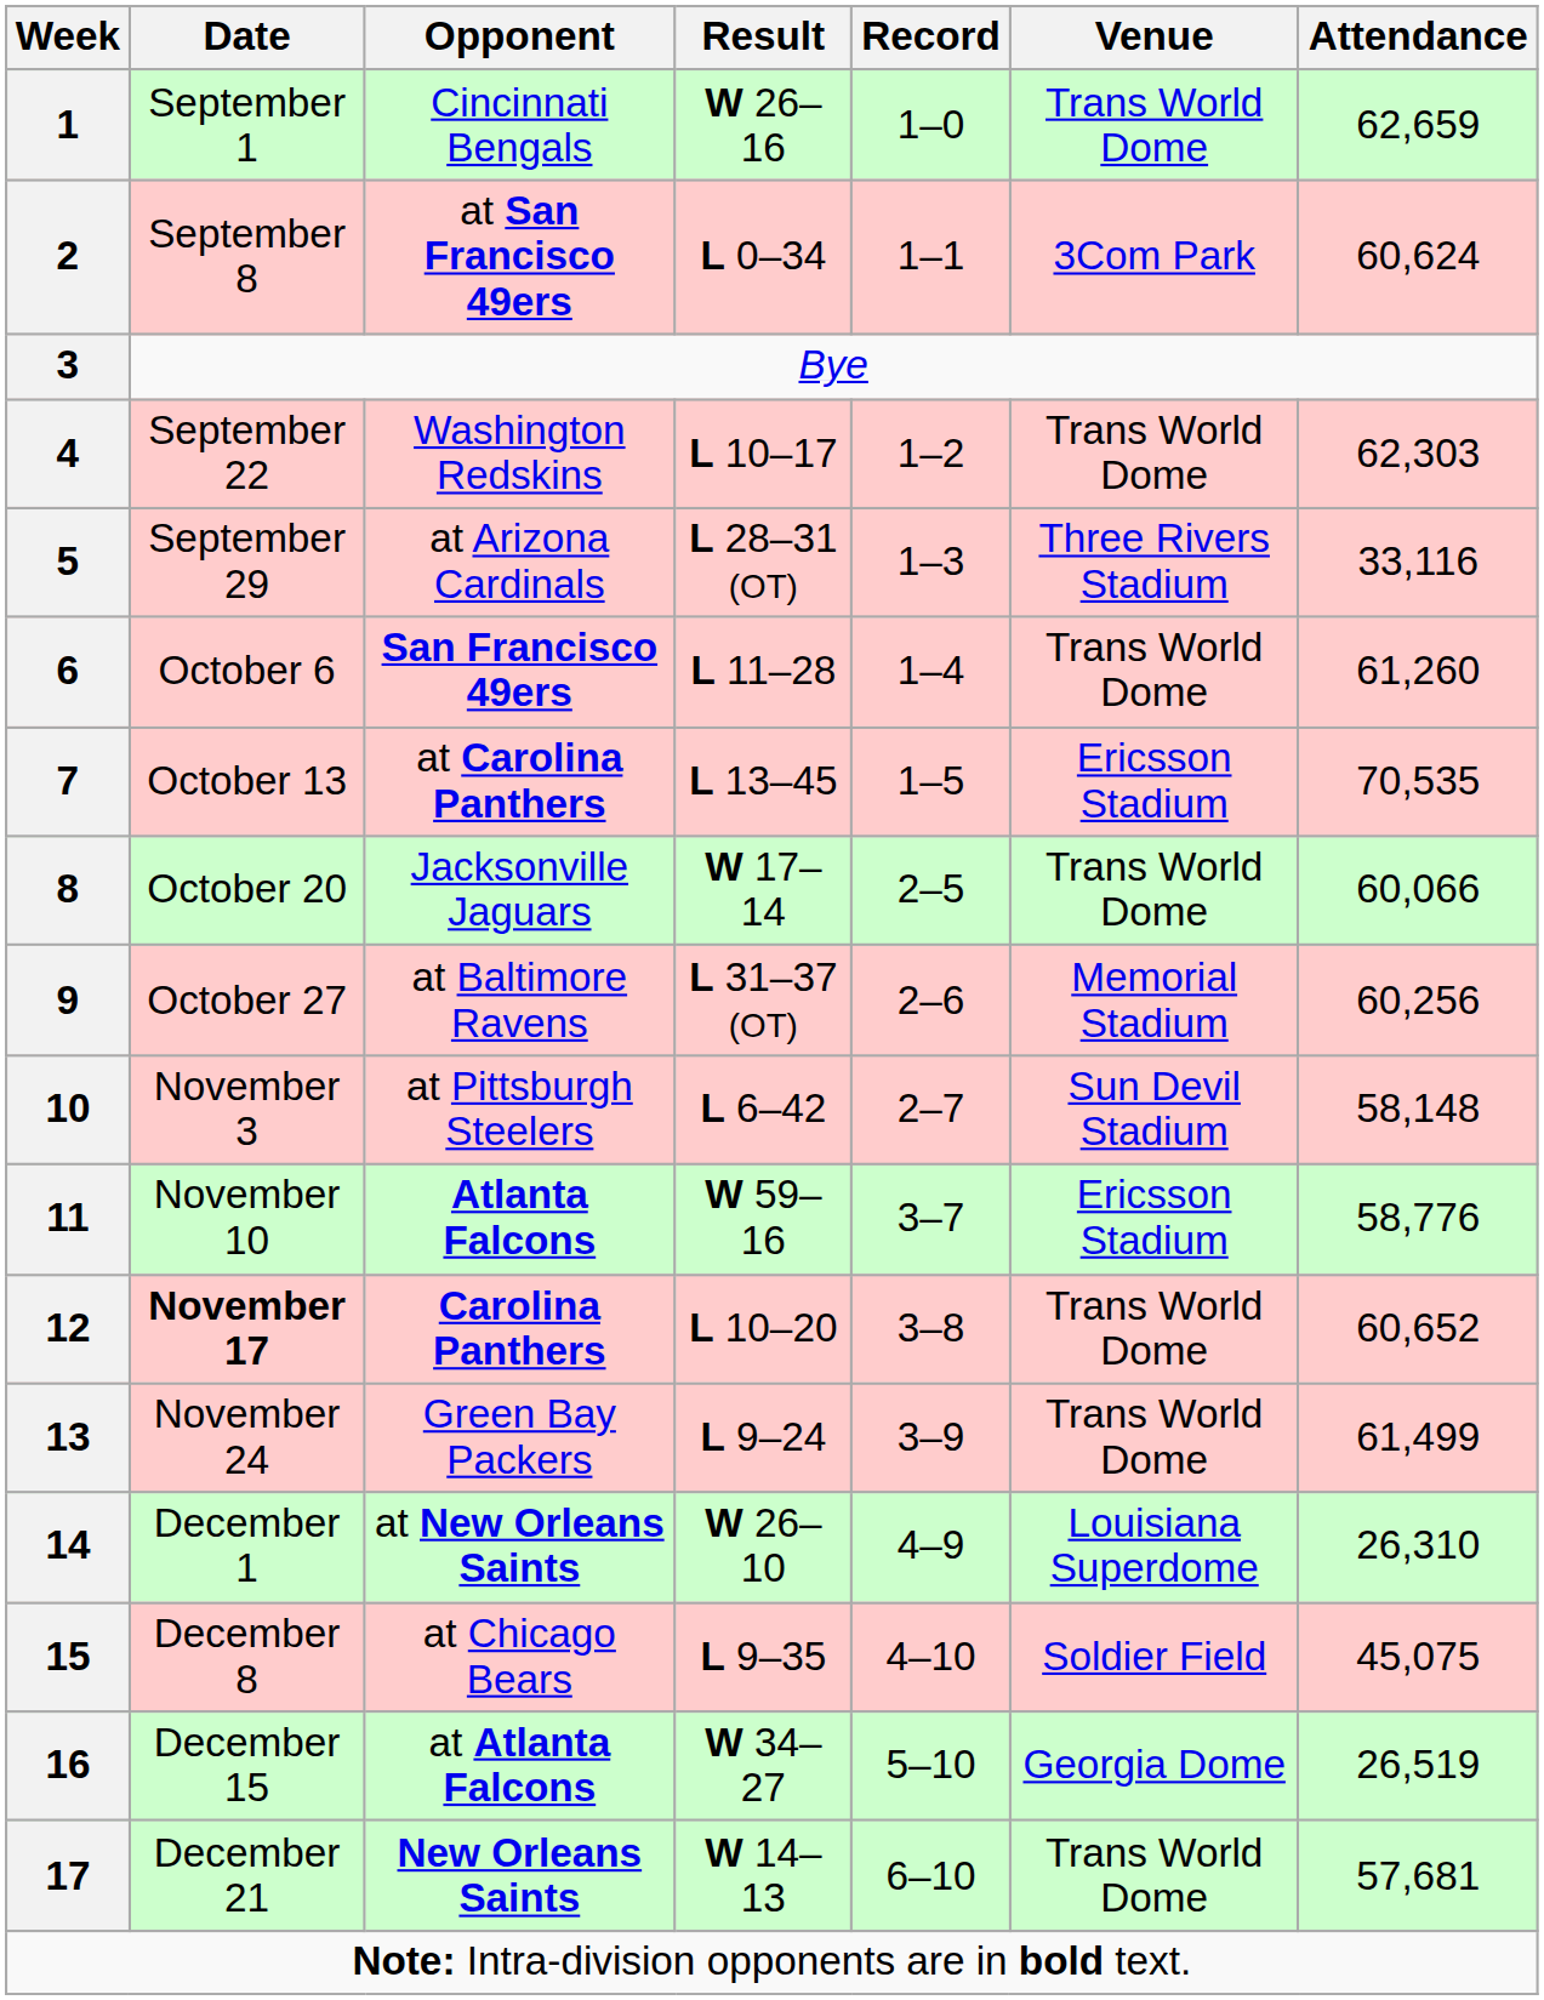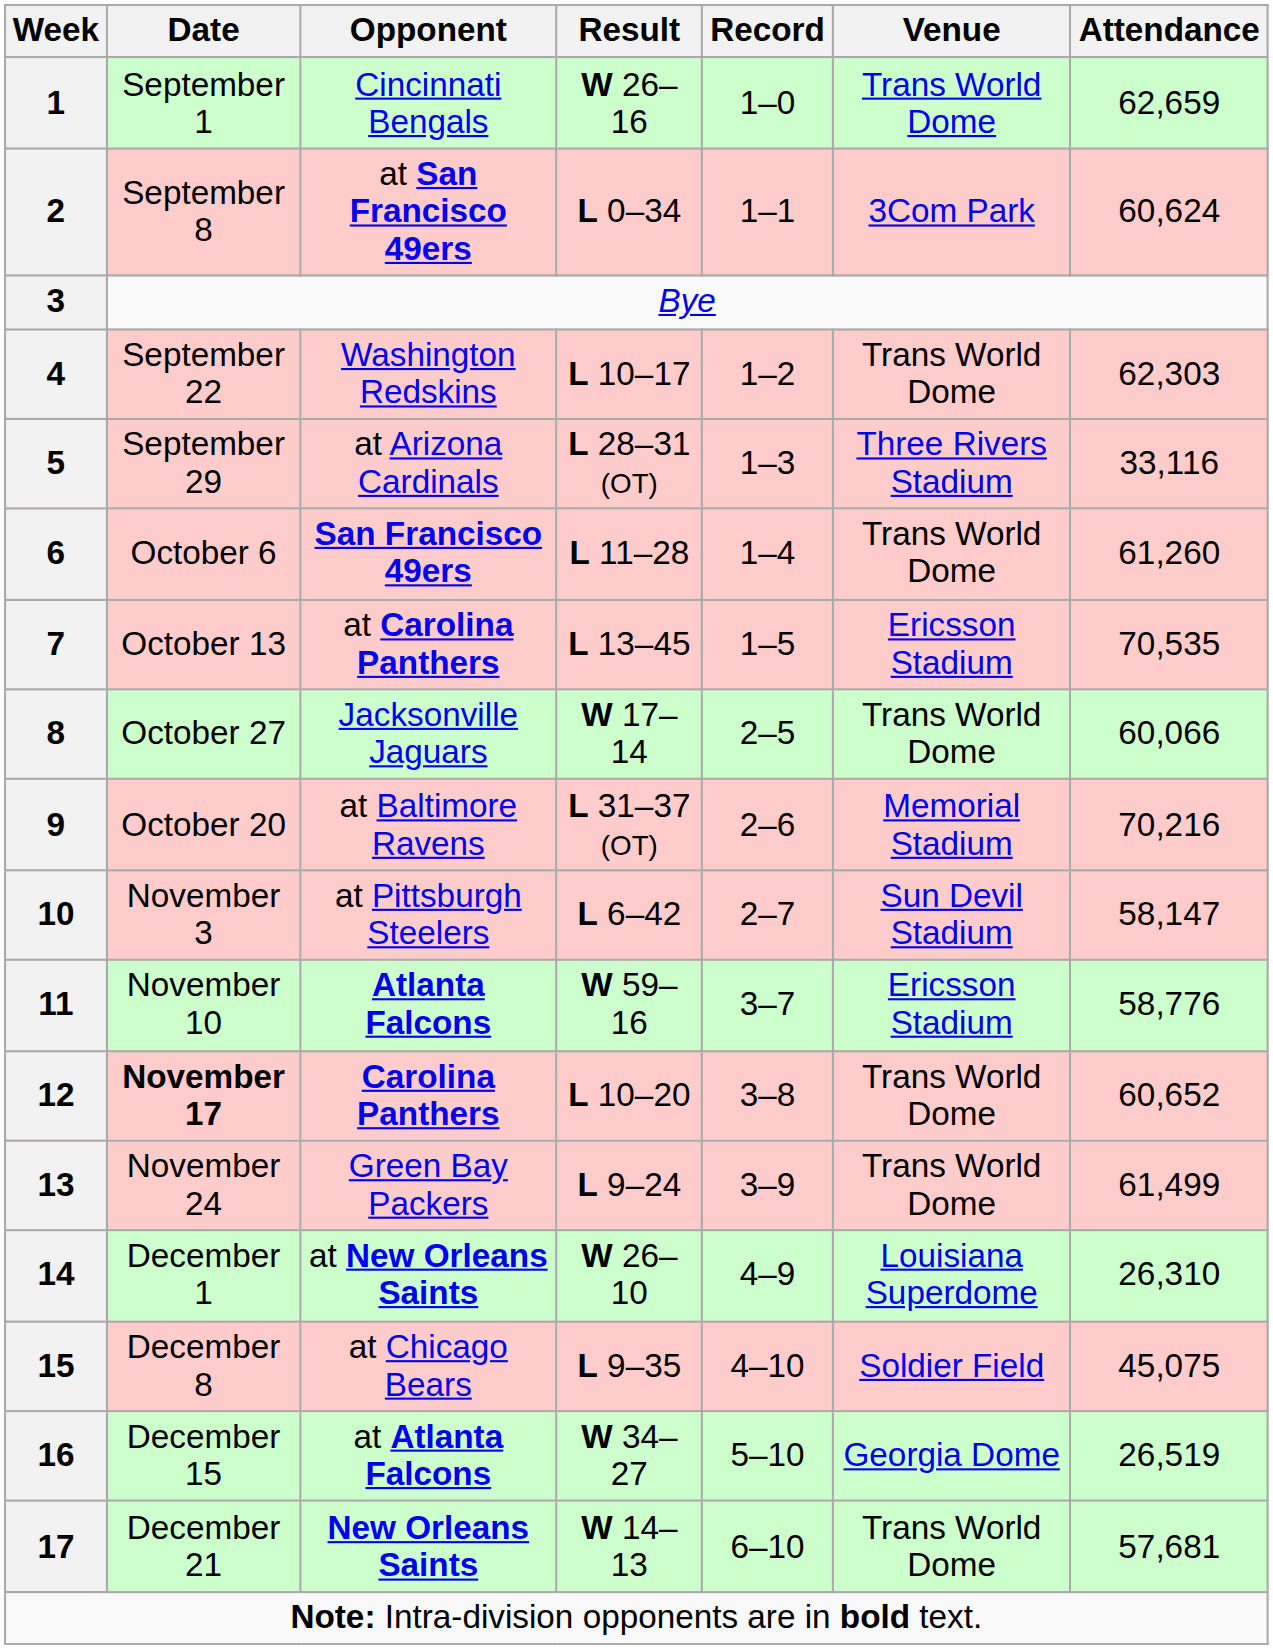 <table class="wikitable" style="text-align:center">
 <tr>
 <th>Week</th>
 <th>Date</th>
 <th>Opponent</th>
 <th>Result</th>
 <th>Record</th>
 <th>Venue</th>
 <th>Attendance</th>
 </tr>
 <tr style="background:#cfc">
 <th>1</th>
 <td>September 1</td>
 <td><a href='#'>Cincinnati Bengals</a></td>
 <td><strong>W</strong> 26–16</td>
 <td>1–0</td>
 <td><a href='#'>Trans World Dome</a></td>
 <td>62,659</td>
 </tr>
 <tr style="background:#fcc">
 <th>2</th>
 <td>September 8</td>
 <td>at <strong><a href='#'>San Francisco 49ers</a></strong></td>
 <td><strong>L</strong> 0–34</td>
 <td>1–1</td>
 <td><a href='#'>3Com Park</a></td>
 <td>60,624</td>
 </tr>
 <tr>
 <th>3</th>
 <td colspan=6><em><a href='#'>Bye</a></em></td>
 </tr>
 <tr style="background:#fcc">
 <th>4</th>
 <td>September 22</td>
 <td><a href='#'>Washington Redskins</a></td>
 <td><strong>L</strong> 10–17</td>
 <td>1–2</td>
 <td>Trans World Dome</td>
 <td>62,303</td>
 </tr>
 <tr style="background:#fcc">
 <th>5</th>
 <td>September 29</td>
 <td>at <a href='#'>Arizona Cardinals</a></td>
 <td><strong>L</strong> 28–31 <small>(OT)</small></td>
 <td>1–3</td>
 <td><a href='#'>Three Rivers Stadium</a></td>
 <td>33,116</td>
 </tr>
 <tr style="background:#fcc">
 <th>6</th>
 <td>October 6</td>
 <td><strong><a href='#'>San Francisco 49ers</a></strong></td>
 <td><strong>L</strong> 11–28</td>
 <td>1–4</td>
 <td>Trans World Dome</td>
 <td>61,260</td>
 </tr>
 <tr style="background:#fcc">
 <th>7</th>
 <td>October 13</td>
 <td>at <strong><a href='#'>Carolina Panthers</a></strong></td>
 <td><strong>L</strong> 13–45</td>
 <td>1–5</td>
 <td><a href='#'>Ericsson Stadium</a></td>
 <td>70,535</td>
 </tr>
 <tr style="background:#cfc">
 <th>8</th>
-<td>October 20</td>
+<td>October 27</td>
 <td><a href='#'>Jacksonville Jaguars</a></td>
 <td><strong>W</strong> 17–14</td>
 <td>2–5</td>
 <td>Trans World Dome</td>
 <td>60,066</td>
 </tr>
 <tr style="background:#fcc">
 <th>9</th>
-<td>October 27</td>
+<td>October 20</td>
 <td>at <a href='#'>Baltimore Ravens</a></td>
 <td><strong>L</strong> 31–37 <small>(OT)</small></td>
 <td>2–6</td>
 <td><a href='#'>Memorial Stadium</a></td>
-<td>60,256</td>
+<td>70,216</td>
 </tr>
 <tr style="background:#fcc">
 <th>10</th>
 <td>November 3</td>
 <td>at <a href='#'>Pittsburgh Steelers</a></td>
 <td><strong>L</strong> 6–42</td>
 <td>2–7</td>
 <td><a href='#'>Sun Devil Stadium</a></td>
-<td>58,148</td>
+<td>58,147</td>
 </tr>
 <tr style="background:#cfc">
 <th>11</th>
 <td>November 10</td>
 <td><strong><a href='#'>Atlanta Falcons</a></strong></td>
 <td><strong>W</strong> 59–16</td>
 <td>3–7</td>
 <td><a href='#'>Ericsson Stadium</a></td>
 <td>58,776</td>
 </tr>
 <tr style="background:#fcc">
 <th>12</th>
 <td><strong>November 17</strong></td>
 <td><strong><a href='#'>Carolina Panthers</a></strong></td>
 <td><strong>L</strong> 10–20</td>
 <td>3–8</td>
 <td>Trans World Dome</td>
 <td>60,652</td>
 </tr>
 <tr style="background:#fcc">
 <th>13</th>
 <td>November 24</td>
 <td><a href='#'>Green Bay Packers</a></td>
 <td><strong>L</strong> 9–24</td>
 <td>3–9</td>
 <td>Trans World Dome</td>
 <td>61,499</td>
 </tr>
 <tr style="background:#cfc">
 <th>14</th>
 <td>December 1</td>
 <td>at <strong><a href='#'>New Orleans Saints</a></strong></td>
 <td><strong>W</strong> 26–10</td>
 <td>4–9</td>
 <td><a href='#'>Louisiana Superdome</a></td>
 <td>26,310</td>
 </tr>
 <tr style="background:#fcc">
 <th>15</th>
 <td>December 8</td>
 <td>at <a href='#'>Chicago Bears</a></td>
 <td><strong>L</strong> 9–35</td>
 <td>4–10</td>
 <td><a href='#'>Soldier Field</a></td>
 <td>45,075</td>
 </tr>
 <tr style="background:#cfc">
 <th>16</th>
 <td>December 15</td>
 <td>at <strong><a href='#'>Atlanta Falcons</a></strong></td>
 <td><strong>W</strong> 34–27</td>
 <td>5–10</td>
 <td><a href='#'>Georgia Dome</a></td>
 <td>26,519</td>
 </tr>
 <tr style="background:#cfc">
 <th>17</th>
 <td>December 21</td>
 <td><strong><a href='#'>New Orleans Saints</a></strong></td>
 <td><strong>W</strong> 14–13</td>
 <td>6–10</td>
 <td>Trans World Dome</td>
 <td>57,681</td>
 </tr>
 <tr>
 <td colspan="8"><strong>Note:</strong> Intra-division opponents are in <strong>bold</strong> text.</td>
 </tr>
 </table>
